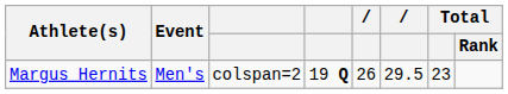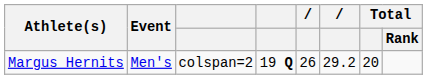 <table class="wikitable" style="font-size:90%">
 <tr>
 <th rowspan="2">Athlete(s)</th>
 <th rowspan="2">Event</th>
 <th></th>
 <th></th>
 <th>/</th>
 <th>/</th>
 <th colspan="2">Total</th>
 </tr>
 <tr>
 <th></th>
 <th></th>
 <th></th>
 <th></th>
 <th></th>
 <th>Rank</th>
 </tr>
 <tr align="center">
 <td align="left"><a href='#'>Margus Hernits</a></td>
 <td align="left"><a href='#'>Men's</a></td>
 <td>colspan=2 </td>
 <td>19 <strong>Q</strong></td>
 <td>26</td>
-<td>29.5</td>
-<td>23</td>
+<td>29.2</td>
+<td>20</td>
 </tr>
 </table>
